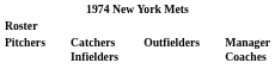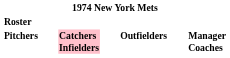 <table class="toccolours" style="font-size: 95%;">
 <tr>
 <th colspan="10">1974 New York Mets</th>
 </tr>
 <tr>
 <td colspan="10"><strong>Roster</strong></td>
 </tr>
 <tr>
 <td valign="top"><strong>Pitchers</strong><br>               </td>
 <td width="25px"></td>
-<td valign="top"><strong>Catchers</strong><br>    <strong>Infielders</strong>         </td>
+<td valign="top" style="background: pink;"><strong>Catchers</strong><br>    <strong>Infielders</strong>         </td>
 <td width="25px"></td>
 <td valign="top"><strong>Outfielders</strong><br>       </td>
 <td width="25px"></td>
 <td valign="top"><strong>Manager</strong><br> <strong>Coaches</strong>    </td>
 </tr>
 </table>
